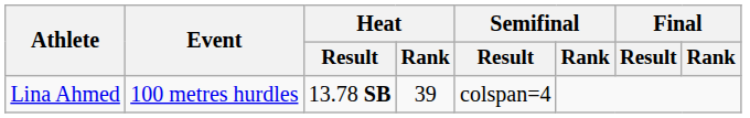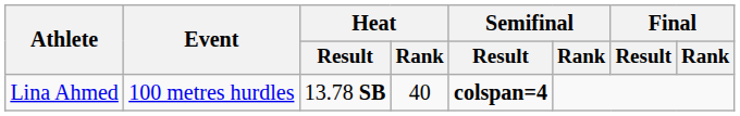 <table class="wikitable" style="font-size:90%">
 <tr>
 <th rowspan="2">Athlete</th>
 <th rowspan="2">Event</th>
 <th colspan="2">Heat</th>
 <th colspan="2">Semifinal</th>
 <th colspan="2">Final</th>
 </tr>
 <tr style="font-size:95%">
 <th>Result</th>
 <th>Rank</th>
 <th>Result</th>
 <th>Rank</th>
 <th>Result</th>
 <th>Rank</th>
 </tr>
 <tr style=text-align:center>
 <td style=text-align:left><a href='#'>Lina Ahmed</a></td>
 <td style=text-align:left rowspan=4><a href='#'>100 metres hurdles</a></td>
 <td>13.78 <strong>SB</strong></td>
-<td>39</td>
-<td>colspan=4 </td>
+<td>40</td>
+<td><strong>colspan=4 </strong></td>
 </tr>
 </table>
